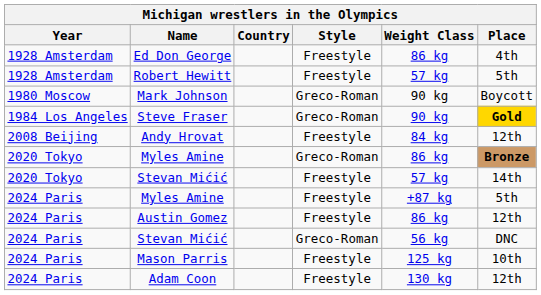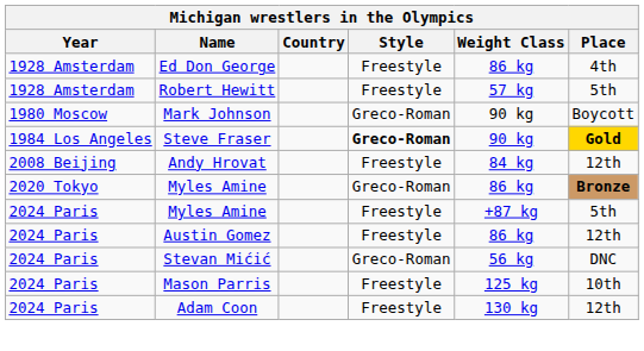 <table class="wikitable">
 <tr>
 <th colspan="6">Michigan wrestlers in the Olympics</th>
 </tr>
 <tr>
 <th scope="col">Year</th>
 <th scope="col">Name</th>
 <th scope="col">Country</th>
 <th scope="col">Style</th>
 <th scope="col">Weight Class</th>
 <th scope="col">Place</th>
 </tr>
 <tr>
 <td><a href='#'>1928 Amsterdam</a></td>
 <td style="text-align: center;"><a href='#'>Ed Don George</a></td>
 <td style="text-align: center;"></td>
 <td style="text-align: center;">Freestyle</td>
 <td style="text-align: center;"><a href='#'>86 kg</a></td>
 <td style="text-align: center;">4th</td>
 </tr>
 <tr>
 <td><a href='#'>1928 Amsterdam</a></td>
 <td style="text-align: center;"><a href='#'>Robert Hewitt</a></td>
 <td style="text-align: center;"></td>
 <td style="text-align: center;">Freestyle</td>
 <td style="text-align: center;"><a href='#'>57 kg</a></td>
 <td style="text-align: center;">5th</td>
 </tr>
 <tr>
 <td><a href='#'>1980 Moscow</a></td>
 <td style="text-align: center;"><a href='#'>Mark Johnson</a></td>
 <td style="text-align: center;"></td>
 <td style="text-align: center;">Greco-Roman</td>
 <td style="text-align: center;">90 kg</td>
 <td style="text-align: center;">Boycott</td>
 </tr>
 <tr>
 <td><a href='#'>1984 Los Angeles</a></td>
 <td style="text-align: center;"><a href='#'>Steve Fraser</a></td>
 <td style="text-align: center;"></td>
-<td style="text-align: center;">Greco-Roman</td>
+<td style="text-align: center;"><strong>Greco-Roman</strong></td>
 <td style="text-align: center;"><a href='#'>90 kg</a></td>
 <td style="text-align: center;background:gold;"><strong>Gold</strong></td>
 </tr>
 <tr>
 <td><a href='#'>2008 Beijing</a></td>
 <td style="text-align: center;"><a href='#'>Andy Hrovat</a></td>
 <td style="text-align: center;"></td>
 <td style="text-align: center;">Freestyle</td>
 <td style="text-align: center;"><a href='#'>84 kg</a></td>
 <td style="text-align: center;">12th</td>
 </tr>
 <tr>
 <td><a href='#'>2020 Tokyo</a></td>
 <td style="text-align: center;"><a href='#'>Myles Amine</a></td>
 <td style="text-align: center;"></td>
 <td style="text-align: center;">Greco-Roman</td>
 <td style="text-align: center;"><a href='#'>86 kg</a></td>
 <td style="text-align:center; background:#c96;"><strong>Bronze</strong></td>
-</tr>
-<tr>
-<td><a href='#'>2020 Tokyo</a></td>
-<td style="text-align: center;"><a href='#'>Stevan Mićić</a></td>
-<td style="text-align: center;"></td>
-<td style="text-align: center;">Freestyle</td>
-<td style="text-align: center;"><a href='#'>57 kg</a></td>
-<td style="text-align: center;">14th</td>
 </tr>
 <tr>
 <td><a href='#'>2024 Paris</a></td>
 <td style="text-align: center;"><a href='#'>Myles Amine</a></td>
 <td style="text-align: center;"></td>
 <td style="text-align: center;">Freestyle</td>
 <td style="text-align: center;"><a href='#'>+87 kg</a></td>
 <td style="text-align: center;">5th</td>
 </tr>
 <tr>
 <td><a href='#'>2024 Paris</a></td>
 <td style="text-align: center;"><a href='#'>Austin Gomez</a></td>
 <td style="text-align: center;"></td>
 <td style="text-align: center;">Freestyle</td>
 <td style="text-align: center;"><a href='#'>86 kg</a></td>
 <td style="text-align: center;">12th</td>
 </tr>
 <tr>
 <td><a href='#'>2024 Paris</a></td>
 <td style="text-align: center;"><a href='#'>Stevan Mićić</a></td>
 <td style="text-align: center;"></td>
 <td style="text-align: center;">Greco-Roman</td>
 <td style="text-align: center;"><a href='#'>56 kg</a></td>
 <td style="text-align: center;">DNC</td>
 </tr>
 <tr>
 <td><a href='#'>2024 Paris</a></td>
 <td style="text-align: center;"><a href='#'>Mason Parris</a></td>
 <td style="text-align: center;"></td>
 <td style="text-align: center;">Freestyle</td>
 <td style="text-align: center;"><a href='#'>125 kg</a></td>
 <td style="text-align: center;">10th</td>
 </tr>
 <tr>
 <td><a href='#'>2024 Paris</a></td>
 <td style="text-align: center;"><a href='#'>Adam Coon</a></td>
 <td style="text-align: center;"></td>
 <td style="text-align: center;">Freestyle</td>
 <td style="text-align: center;"><a href='#'>130 kg</a></td>
 <td style="text-align: center;">12th</td>
 </tr>
 </table>
